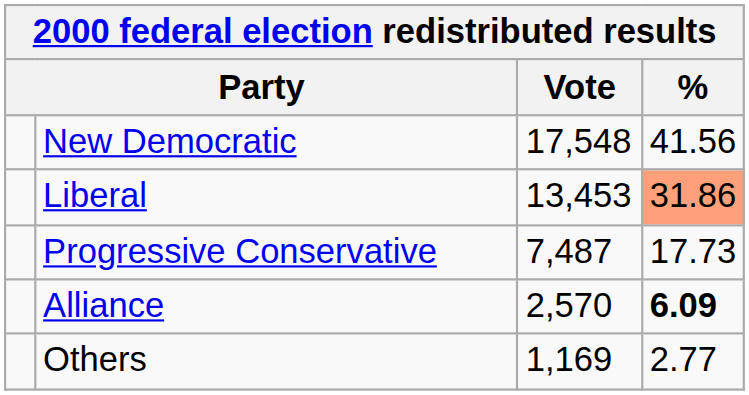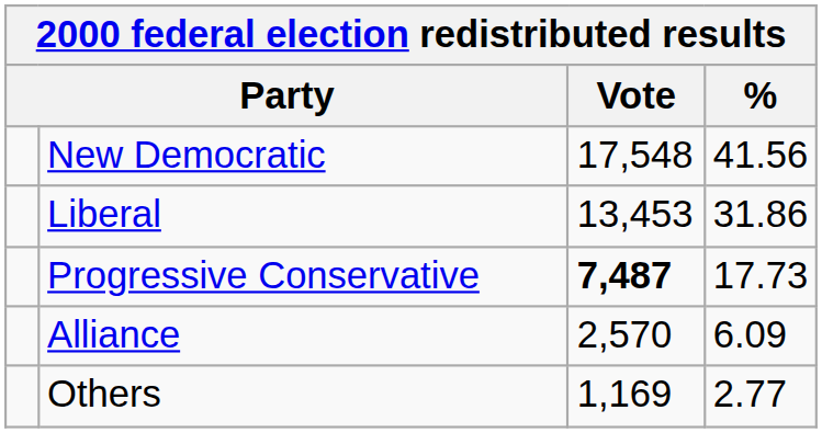 <table class="wikitable">
 <tr>
 <th colspan="4"><a href='#'>2000 federal election</a> redistributed results</th>
 </tr>
 <tr>
 <th bgcolor="#DDDDFF" width="230px" colspan="2">Party</th>
 <th bgcolor="#DDDDFF" width="50px">Vote</th>
 <th bgcolor="#DDDDFF" width="30px">%</th>
 </tr>
 <tr>
 <td> </td>
 <td><a href='#'>New Democratic</a></td>
 <td>17,548</td>
 <td>41.56</td>
 </tr>
 <tr>
 <td> </td>
 <td><a href='#'>Liberal</a></td>
 <td>13,453</td>
-<td style="background: lightsalmon;">31.86</td>
+<td>31.86</td>
 </tr>
 <tr>
 <td> </td>
 <td><a href='#'>Progressive Conservative</a></td>
-<td>7,487</td>
+<td><strong>7,487</strong></td>
 <td>17.73</td>
 </tr>
 <tr>
 <td> </td>
 <td><a href='#'>Alliance</a></td>
 <td>2,570</td>
-<td><strong>6.09</strong></td>
+<td>6.09</td>
 </tr>
 <tr>
 <td> </td>
 <td>Others</td>
 <td>1,169</td>
 <td>2.77</td>
 </tr>
 </table>
